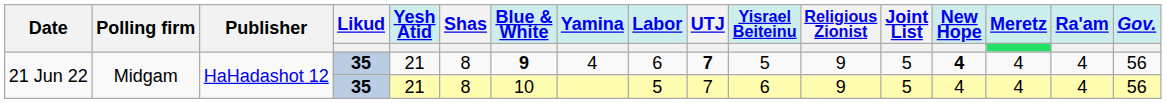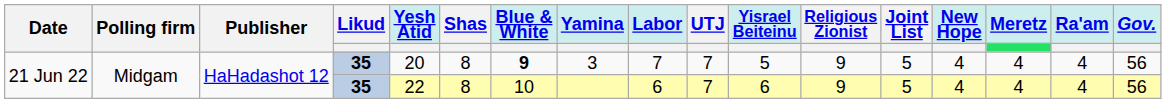 <table class="wikitable sortable" style=text-align:center;font-size:90%;line-height:12px>
 <tr>
 <th rowspan=2>Date</th>
 <th rowspan=2>Polling firm</th>
 <th rowspan=2>Publisher</th>
 <th><a href='#'>Likud</a></th>
 <th style=background:#cee><a href='#'>Yesh<br>Atid</a></th>
 <th><a href='#'>Shas</a></th>
 <th style=background:#cee><a href='#'>Blue &<br>White</a></th>
 <th style=background:#cee><a href='#'>Yamina</a></th>
 <th style=background:#cee><a href='#'>Labor</a></th>
 <th><a href='#'>UTJ</a></th>
 <th style="background:#cee; font-size:90%"><a href='#'>Yisrael<br>Beiteinu</a></th>
 <th style=font-size:90%><a href='#'>Religious<br>Zionist</a></th>
 <th><a href='#'>Joint<br>List</a></th>
 <th style=background:#cee><a href='#'>New<br>Hope</a></th>
 <th style=background:#cee><a href='#'>Meretz</a></th>
 <th style=background:#cee><a href='#'>Ra'am</a></th>
 <th style=background:#cee><a href='#'><em>Gov.</em></a></th>
 </tr>
 <tr>
 <th style=background:></th>
 <th style=background:></th>
 <th style=background:></th>
 <th style=background:></th>
 <th style=background:></th>
 <th style=background:></th>
 <th style=background:></th>
 <th style=background:></th>
 <th style=background:></th>
 <th style=background:></th>
 <th style=background:></th>
 <th style=background:#23e164></th>
 <th style=background:></th>
 <th style=background:></th>
 </tr>
 <tr>
 <td rowspan=2 data-sort-value=2022-06-21>21 Jun 22</td>
 <td rowspan=2>Midgam</td>
 <td rowspan=2><a href='#'>HaHadashot 12</a></td>
 <td style=background:#BBCDE4><strong>35</strong>	</td>
-<td>21					</td>
+<td>20					</td>
 <td>8					</td>
 <td><strong>9					</strong></td>
-<td>4					</td>
-<td>6					</td>
-<td><strong>7					</strong></td>
+<td>3					</td>
+<td>7					</td>
+<td>7					</td>
 <td>5					</td>
 <td>9					</td>
 <td>5					</td>
-<td><strong>4					</strong></td>
+<td>4					</td>
 <td>4					</td>
 <td>4					</td>
 <td>56					</td>
 </tr>
 <tr style=background:#fffdb0>
 <td style=background:#BBCDE4><strong>35</strong>	</td>
-<td>21					</td>
+<td>22					</td>
 <td>8					</td>
 <td>10					</td>
 <td>			</td>
-<td>5					</td>
+<td>6					</td>
 <td>7					</td>
 <td>6					</td>
 <td>9					</td>
 <td>5					</td>
 <td>4					</td>
 <td>4					</td>
 <td>4					</td>
 <td>56					</td>
 </tr>
 </table>
